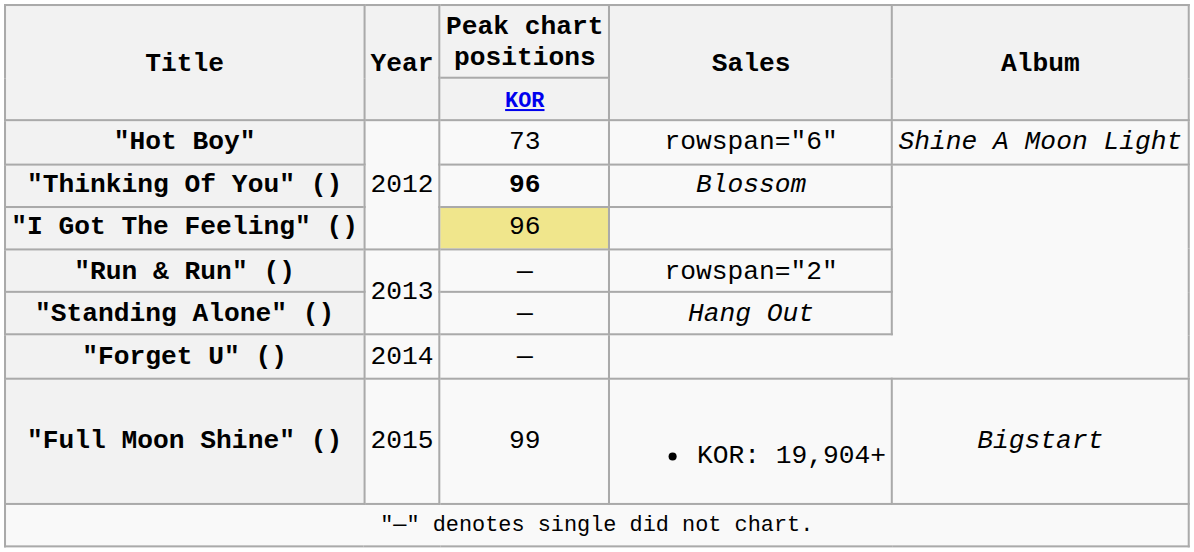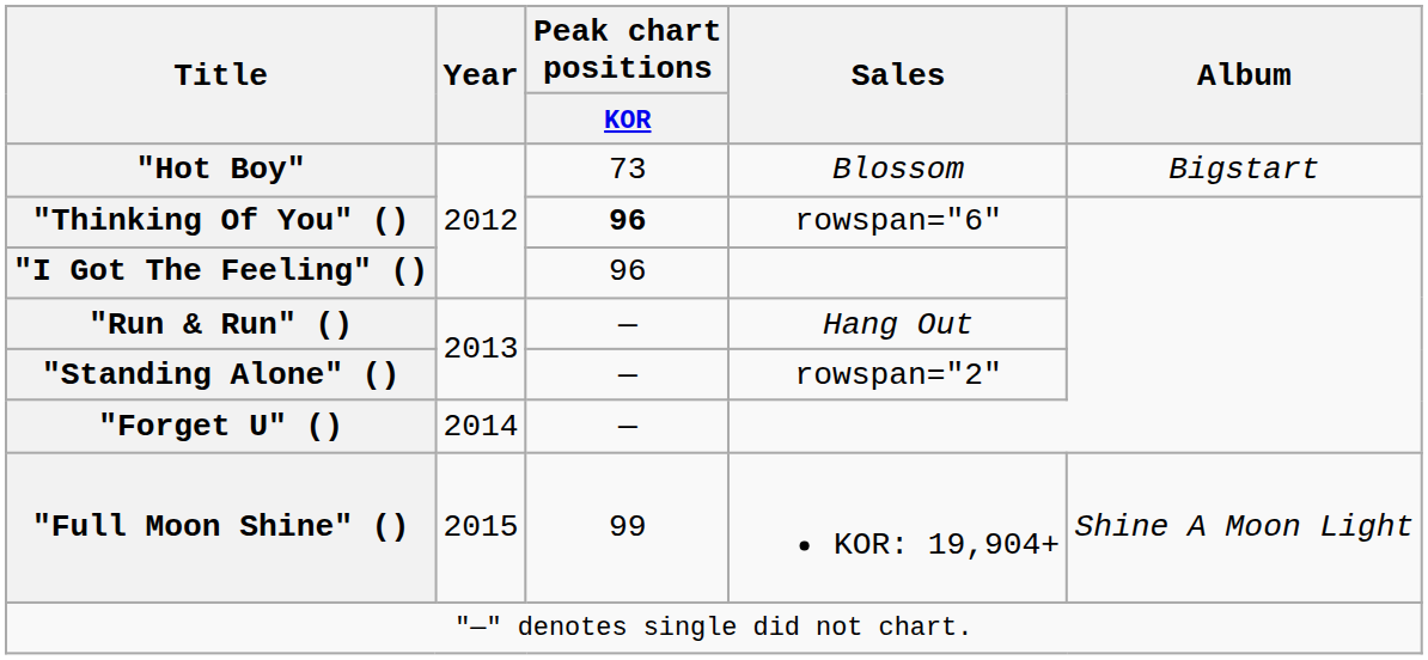 <table class="wikitable plainrowheaders" style="text-align:center;">
 <tr>
 <th scope="col" rowspan="2">Title</th>
 <th scope="col" rowspan="2">Year</th>
 <th scope="col" colspan="1">Peak chart <br> positions</th>
 <th scope="col" rowspan="2">Sales</th>
 <th scope="col" rowspan="2">Album</th>
 </tr>
 <tr>
 <th><small><a href='#'>KOR</a></small><br></th>
 </tr>
 <tr>
 <th scope="row">"Hot Boy"</th>
 <td rowspan="3">2012</td>
 <td>73</td>
-<td>rowspan="6" </td>
-<td><em>Shine A Moon Light</em></td>
+<td><em>Blossom</em></td>
+<td><em>Bigstart</em></td>
 </tr>
 <tr>
 <th scope="row">"Thinking Of You" ()</th>
 <td><strong>96</strong></td>
-<td><em>Blossom</em></td>
+<td>rowspan="6" </td>
 </tr>
 <tr>
 <th scope="row">"I Got The Feeling" ()</th>
-<td style="background: khaki;">96</td>
+<td>96</td>
 <td></td>
 </tr>
 <tr>
 <th scope="row">"Run & Run" ()</th>
 <td rowspan="2">2013</td>
 <td>—</td>
-<td>rowspan="2" </td>
+<td><em>Hang Out</em></td>
 </tr>
 <tr>
 <th scope="row">"Standing Alone" ()</th>
 <td>—</td>
-<td><em>Hang Out</em></td>
+<td>rowspan="2" </td>
 </tr>
 <tr>
 <th scope="row">"Forget U" ()</th>
 <td>2014</td>
 <td>—</td>
 </tr>
 <tr>
 <th scope="row">"Full Moon Shine" ()</th>
 <td>2015</td>
 <td>99</td>
 <td><br><ul><li>KOR: 19,904+</li></ul></td>
-<td><em>Bigstart</em></td>
+<td><em>Shine A Moon Light</em></td>
 </tr>
 <tr>
 <td colspan="5" align="center"><small>"—" denotes single did not chart.</small></td>
 </tr>
 </table>
